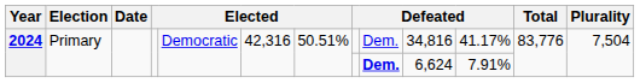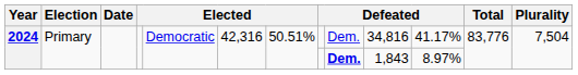 <table class=wikitable>
 <tr>
 <th>Year</th>
 <th>Election</th>
 <th>Date</th>
 <th ! colspan="4">Elected</th>
 <th ! colspan="4">Defeated</th>
 <th>Total</th>
 <th>Plurality</th>
 </tr>
 <tr>
 <th rowspan="2" valign="top"><a href='#'>2024</a></th>
 <td rowspan="2" valign="top">Primary</td>
 <td rowspan="2" valign="top"></td>
 <td rowspan="2" valign="top"></td>
 <td rowspan="2" valign="top" ><a href='#'>Democratic</a></td>
 <td rowspan="2" valign="top" align="right">42,316</td>
 <td rowspan="2" valign="top" align="right">50.51%</td>
 <td valign="top"></td>
 <td valign="top" ><a href='#'>Dem.</a></td>
 <td valign="top" align="right">34,816</td>
 <td valign="top" align="right">41.17%</td>
 <td rowspan="2" valign="top" align="right">83,776</td>
 <td rowspan="2" valign="top" align="right">7,504</td>
 </tr>
 <tr>
 <td valign="top"></td>
 <td valign="top" ><strong><a href='#'>Dem.</a></strong></td>
-<td valign="top" align="right">6,624</td>
-<td valign="top" align="right">7.91%</td>
+<td valign="top" align="right">1,843</td>
+<td valign="top" align="right">8.97%</td>
 </tr>
 </table>
